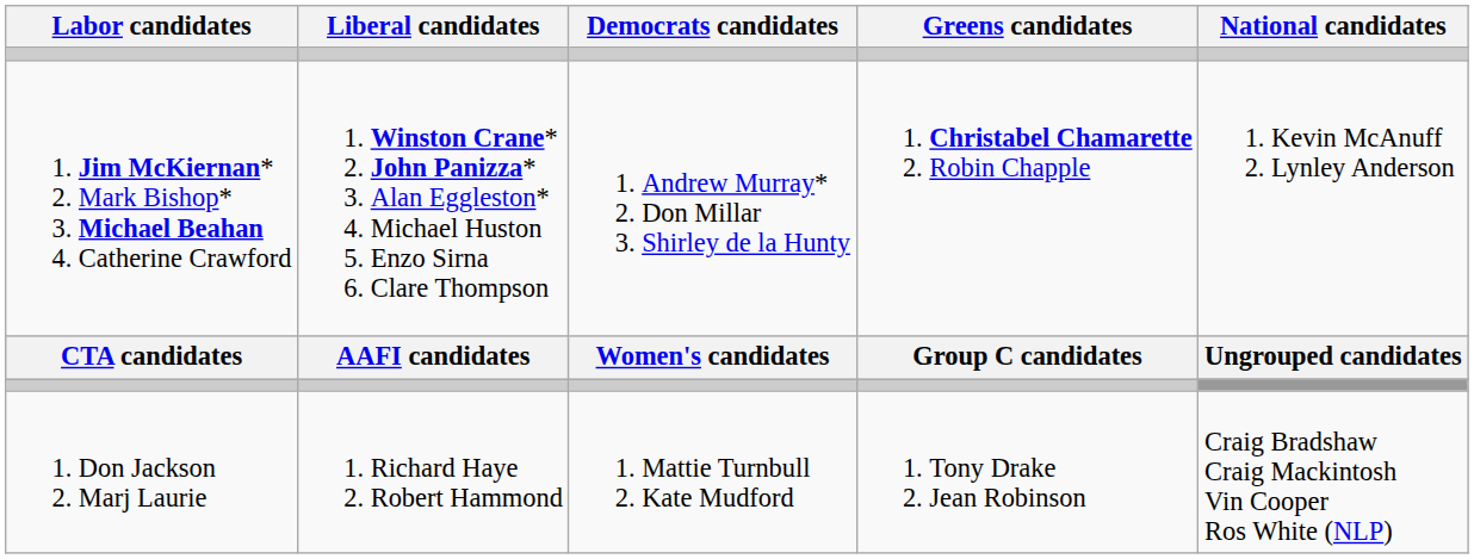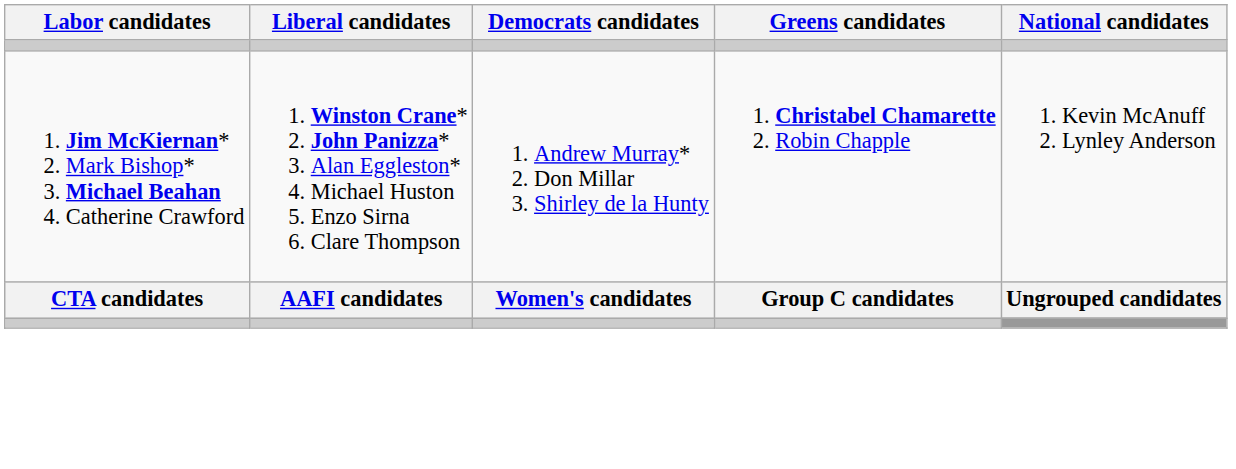 <table class="wikitable">
 <tr>
 <th><a href='#'>Labor</a> candidates</th>
 <th><a href='#'>Liberal</a> candidates</th>
 <th><a href='#'>Democrats</a> candidates</th>
 <th><a href='#'>Greens</a> candidates</th>
 <th><a href='#'>National</a> candidates</th>
 </tr>
 <tr bgcolor="#cccccc">
 <td></td>
 <td></td>
 <td></td>
 <td></td>
 <td></td>
 </tr>
 <tr>
 <td><br><ol><li><strong><a href='#'>Jim McKiernan</a></strong>*</li><li><a href='#'>Mark Bishop</a>*</li><li><strong><a href='#'>Michael Beahan</a></strong></li><li>Catherine Crawford</li></ol></td>
 <td><br><ol><li><strong><a href='#'>Winston Crane</a></strong>*</li><li><strong><a href='#'>John Panizza</a></strong>*</li><li><a href='#'>Alan Eggleston</a>*</li><li>Michael Huston</li><li>Enzo Sirna</li><li>Clare Thompson</li></ol></td>
 <td><br><ol><li><a href='#'>Andrew Murray</a>*</li><li>Don Millar</li><li><a href='#'>Shirley de la Hunty</a></li></ol></td>
 <td valign=top><br><ol><li><strong><a href='#'>Christabel Chamarette</a></strong></li><li><a href='#'>Robin Chapple</a></li></ol></td>
 <td valign=top><br><ol><li>Kevin McAnuff</li><li>Lynley Anderson</li></ol></td>
 </tr>
 <tr bgcolor="#cccccc">
 <th><a href='#'>CTA</a> candidates</th>
 <th><a href='#'>AAFI</a> candidates</th>
 <th><a href='#'>Women's</a> candidates</th>
 <th>Group C candidates</th>
 <th>Ungrouped candidates</th>
 </tr>
 <tr bgcolor="#cccccc">
 <td></td>
 <td></td>
 <td></td>
 <td></td>
 <td bgcolor="#999999"></td>
 </tr>
-<tr>
-<td valign=top><br><ol><li>Don Jackson</li><li>Marj Laurie</li></ol></td>
-<td valign=top><br><ol><li>Richard Haye</li><li>Robert Hammond</li></ol></td>
-<td valign=top><br><ol><li>Mattie Turnbull</li><li>Kate Mudford</li></ol></td>
-<td valign=top><br><ol><li>Tony Drake</li><li>Jean Robinson</li></ol></td>
-<td valign=top><br>Craig Bradshaw<br> Craig Mackintosh<br> Vin Cooper<br> Ros White (<a href='#'>NLP</a>)</td>
-</tr>
 </table>
